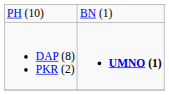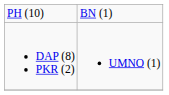 <table class="wikitable">
 <tr>
 <td> <a href='#'>PH</a> (10)</td>
 <td> <a href='#'>BN</a> (1)</td>
 </tr>
 <tr>
 <td><br><ul><li> <a href='#'>DAP</a> (8)</li><li> <a href='#'>PKR</a> (2)</li></ul></td>
-<td><strong><br><ul><li> <a href='#'>UMNO</a> (1)</li></ul></strong></td>
+<td><br><ul><li> <a href='#'>UMNO</a> (1)</li></ul></td>
 </tr>
 <tr>
 </tr>
 </table>
